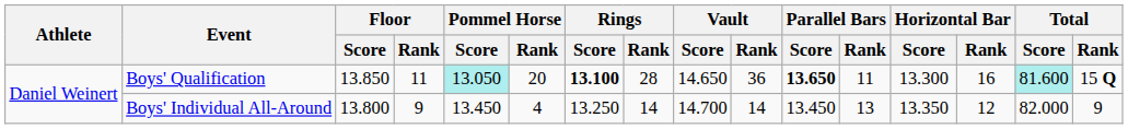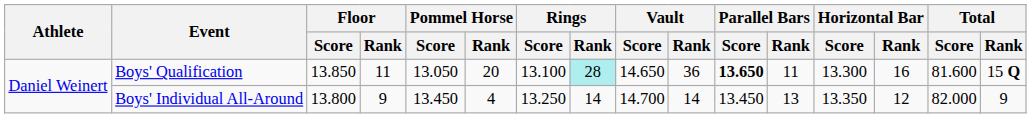 <table class="wikitable" border="1" style="font-size:90%">
 <tr>
 <th rowspan=2>Athlete</th>
 <th rowspan=2>Event</th>
 <th colspan=2>Floor</th>
 <th colspan=2>Pommel Horse</th>
 <th colspan=2>Rings</th>
 <th colspan=2>Vault</th>
 <th colspan=2>Parallel Bars</th>
 <th colspan=2>Horizontal Bar</th>
 <th colspan=2>Total</th>
 </tr>
 <tr>
 <th>Score</th>
 <th>Rank</th>
 <th>Score</th>
 <th>Rank</th>
 <th>Score</th>
 <th>Rank</th>
 <th>Score</th>
 <th>Rank</th>
 <th>Score</th>
 <th>Rank</th>
 <th>Score</th>
 <th>Rank</th>
 <th>Score</th>
 <th>Rank</th>
 </tr>
 <tr>
 <td rowspan=2><a href='#'>Daniel Weinert</a></td>
 <td><a href='#'>Boys' Qualification</a></td>
 <td align=center>13.850</td>
 <td align=center>11</td>
-<td align=center style="background: paleturquoise;">13.050</td>
+<td align=center>13.050</td>
 <td align=center>20</td>
-<td align=center><strong>13.100</strong></td>
-<td align=center>28</td>
+<td align=center>13.100</td>
+<td align=center style="background: paleturquoise;">28</td>
 <td align=center>14.650</td>
 <td align=center>36</td>
 <td align=center><strong>13.650</strong></td>
 <td align=center>11</td>
 <td align=center>13.300</td>
 <td align=center>16</td>
-<td align=center style="background: paleturquoise;">81.600</td>
+<td align=center>81.600</td>
 <td align=center>15 <strong>Q</strong></td>
 </tr>
 <tr>
 <td><a href='#'>Boys' Individual All-Around</a></td>
 <td align=center>13.800</td>
 <td align=center>9</td>
 <td align=center>13.450</td>
 <td align=center>4</td>
 <td align=center>13.250</td>
 <td align=center>14</td>
 <td align=center>14.700</td>
 <td align=center>14</td>
 <td align=center>13.450</td>
 <td align=center>13</td>
 <td align=center>13.350</td>
 <td align=center>12</td>
 <td align=center>82.000</td>
 <td align=center>9</td>
 </tr>
 </table>
